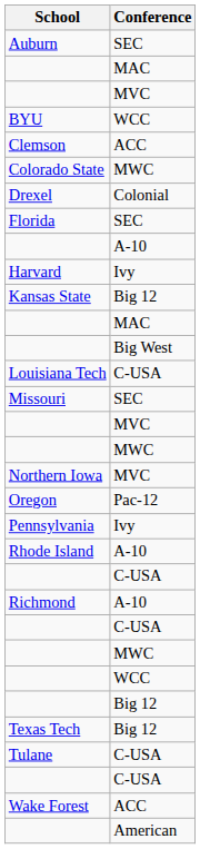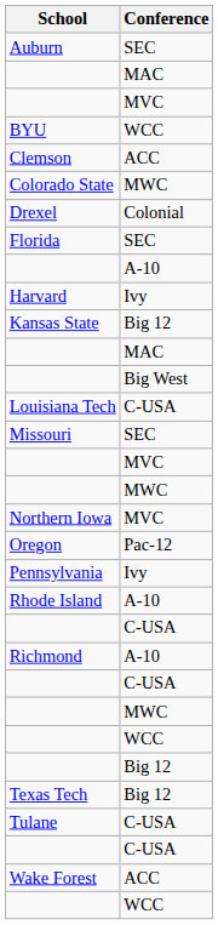 <table class="wikitable sortable">
 <tr>
 <th>School</th>
 <th>Conference</th>
 </tr>
 <tr>
 <td><a href='#'>Auburn</a></td>
 <td>SEC</td>
 </tr>
 <tr>
 <td></td>
 <td>MAC</td>
 </tr>
 <tr>
 <td></td>
 <td>MVC</td>
 </tr>
 <tr>
 <td><a href='#'>BYU</a></td>
 <td>WCC</td>
 </tr>
 <tr>
 <td><a href='#'>Clemson</a></td>
 <td>ACC</td>
 </tr>
 <tr>
 <td><a href='#'>Colorado State</a></td>
 <td>MWC</td>
 </tr>
 <tr>
 <td><a href='#'>Drexel</a></td>
 <td>Colonial</td>
 </tr>
 <tr>
 <td><a href='#'>Florida</a></td>
 <td>SEC</td>
 </tr>
 <tr>
 <td></td>
 <td>A-10</td>
 </tr>
 <tr>
 <td><a href='#'>Harvard</a></td>
 <td>Ivy</td>
 </tr>
 <tr>
 <td><a href='#'>Kansas State</a></td>
 <td>Big 12</td>
 </tr>
 <tr>
 <td></td>
 <td>MAC</td>
 </tr>
 <tr>
 <td></td>
 <td>Big West</td>
 </tr>
 <tr>
 <td><a href='#'>Louisiana Tech</a></td>
 <td>C-USA</td>
 </tr>
 <tr>
 <td><a href='#'>Missouri</a></td>
 <td>SEC</td>
 </tr>
 <tr>
 <td></td>
 <td>MVC</td>
 </tr>
 <tr>
 <td></td>
 <td>MWC</td>
 </tr>
 <tr>
 <td><a href='#'>Northern Iowa</a></td>
 <td>MVC</td>
 </tr>
 <tr>
 <td><a href='#'>Oregon</a></td>
 <td>Pac-12</td>
 </tr>
 <tr>
 <td><a href='#'>Pennsylvania</a></td>
 <td>Ivy</td>
 </tr>
 <tr>
 <td><a href='#'>Rhode Island</a></td>
 <td>A-10</td>
 </tr>
 <tr>
 <td></td>
 <td>C-USA</td>
 </tr>
 <tr>
 <td><a href='#'>Richmond</a></td>
 <td>A-10</td>
 </tr>
 <tr>
 <td></td>
 <td>C-USA</td>
 </tr>
 <tr>
 <td></td>
 <td>MWC</td>
 </tr>
 <tr>
 <td></td>
 <td>WCC</td>
 </tr>
 <tr>
 <td></td>
 <td>Big 12</td>
 </tr>
 <tr>
 <td><a href='#'>Texas Tech</a></td>
 <td>Big 12</td>
 </tr>
 <tr>
 <td><a href='#'>Tulane</a></td>
 <td>C-USA</td>
 </tr>
 <tr>
 <td></td>
 <td>C-USA</td>
 </tr>
 <tr>
 <td><a href='#'>Wake Forest</a></td>
 <td>ACC</td>
 </tr>
 <tr>
 <td></td>
-<td>American</td>
+<td>WCC</td>
 </tr>
 </table>
